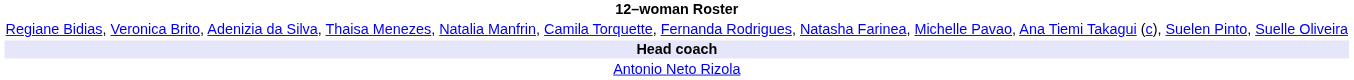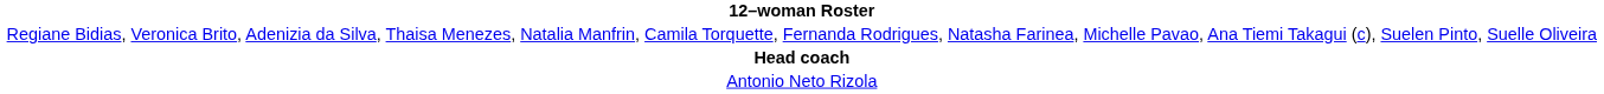 <table style="text-align: center; margin-top: 2em; margin-left: auto; margin-right: auto">
 <tr>
 <td><strong>12–woman Roster</strong></td>
 </tr>
 <tr>
 <td><a href='#'>Regiane Bidias</a>, <a href='#'>Veronica Brito</a>, <a href='#'>Adenizia da Silva</a>, <a href='#'>Thaisa Menezes</a>, <a href='#'>Natalia Manfrin</a>, <a href='#'>Camila Torquette</a>, <a href='#'>Fernanda Rodrigues</a>, <a href='#'>Natasha Farinea</a>, <a href='#'>Michelle Pavao</a>, <a href='#'>Ana Tiemi Takagui</a> (<a href='#'>c</a>), <a href='#'>Suelen Pinto</a>, <a href='#'>Suelle Oliveira</a></td>
 </tr>
 <tr>
-<td style="background: lavender;"><strong>Head coach</strong></td>
+<td><strong>Head coach</strong></td>
 </tr>
 <tr>
 <td><a href='#'>Antonio Neto Rizola</a></td>
 </tr>
 </table>
